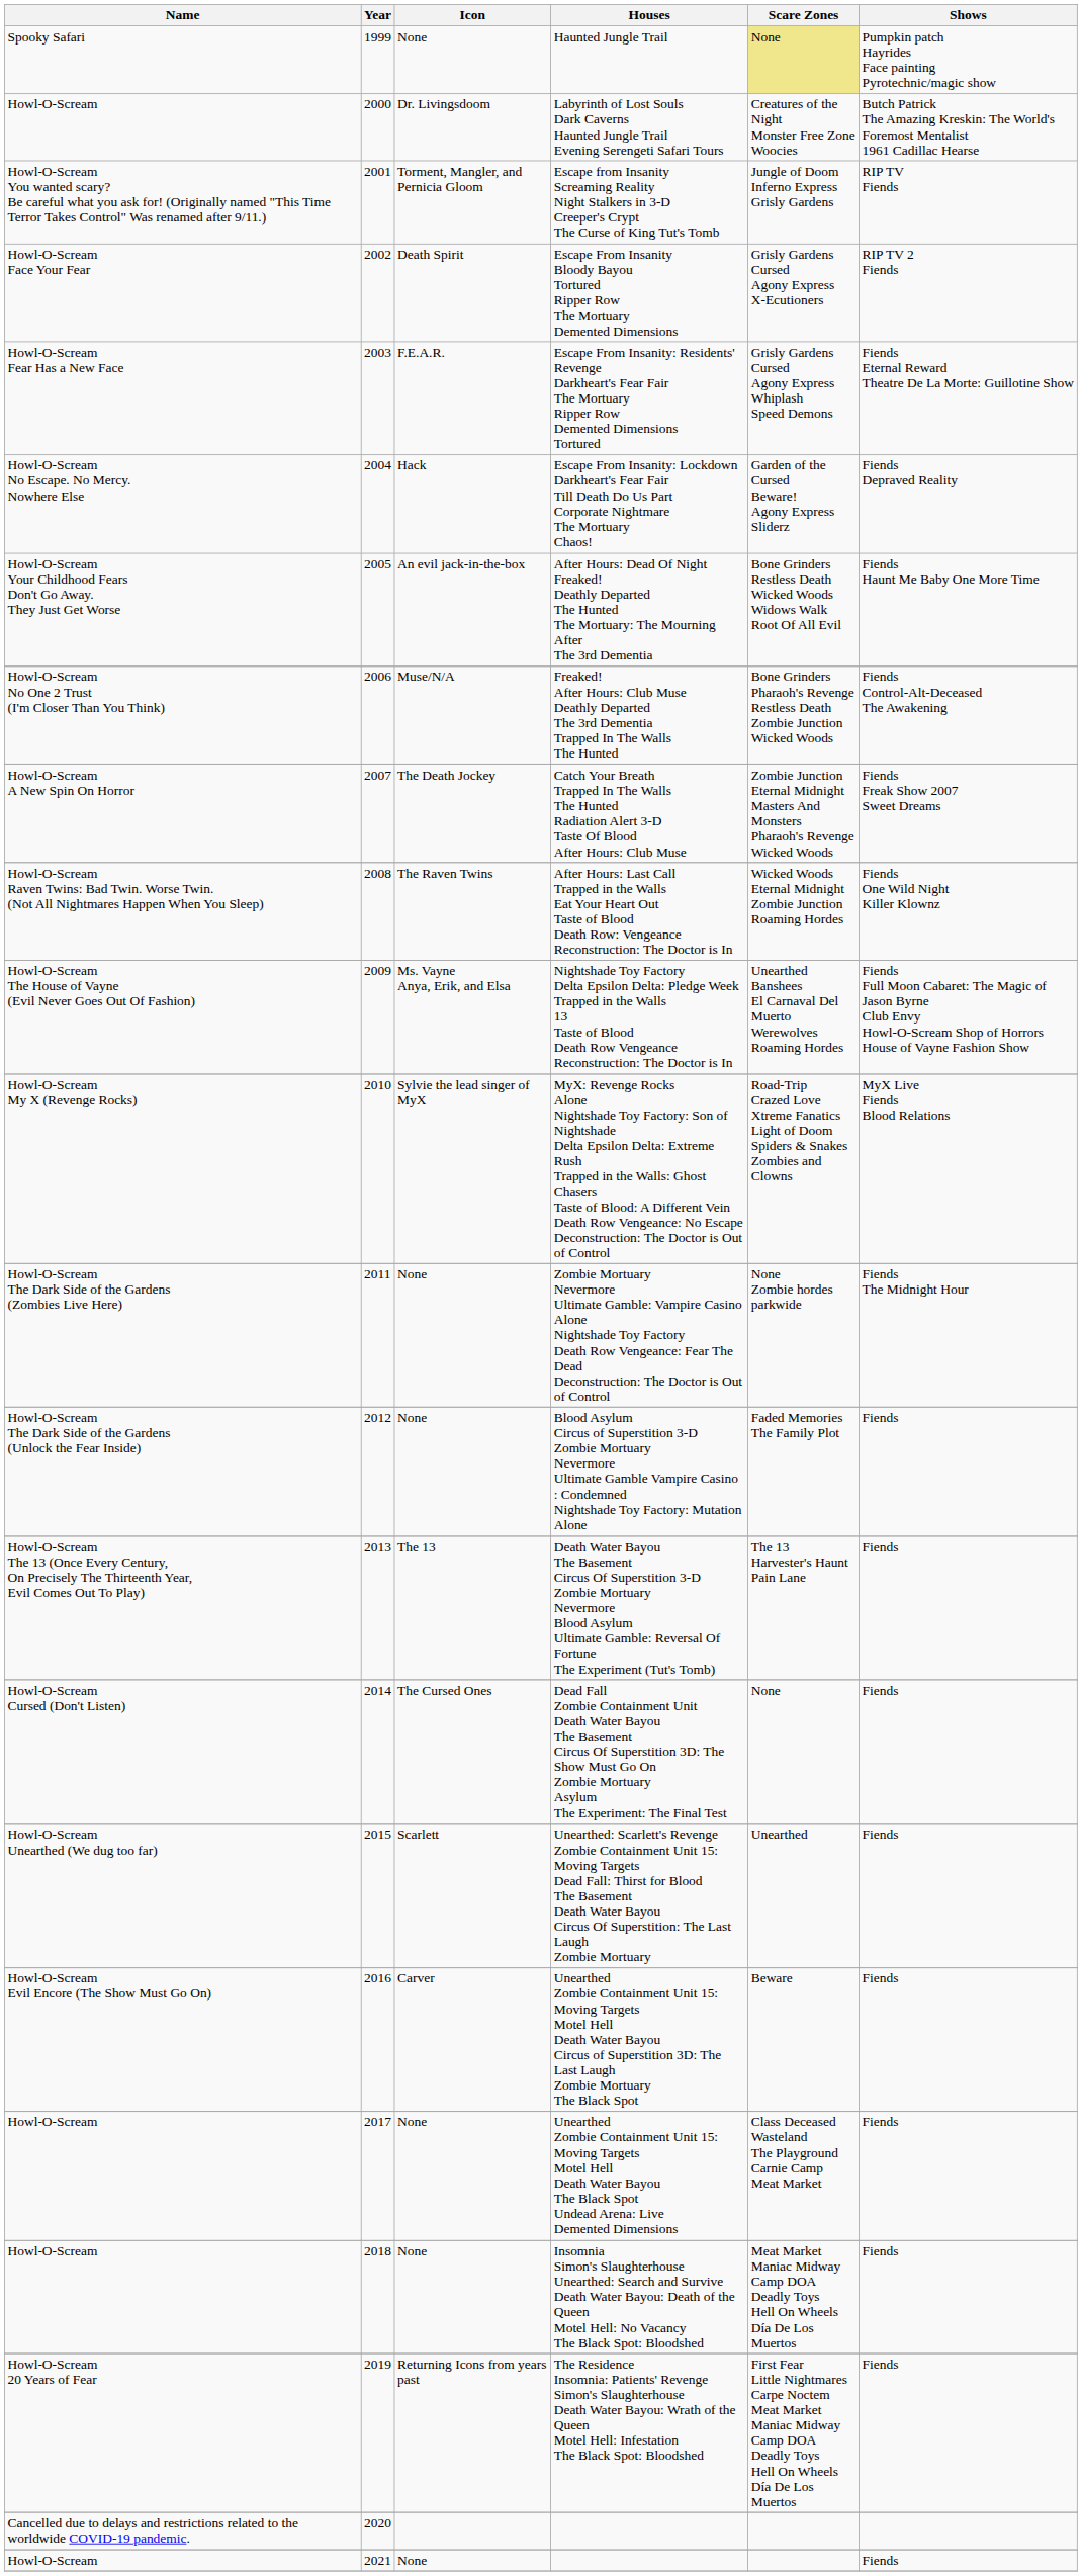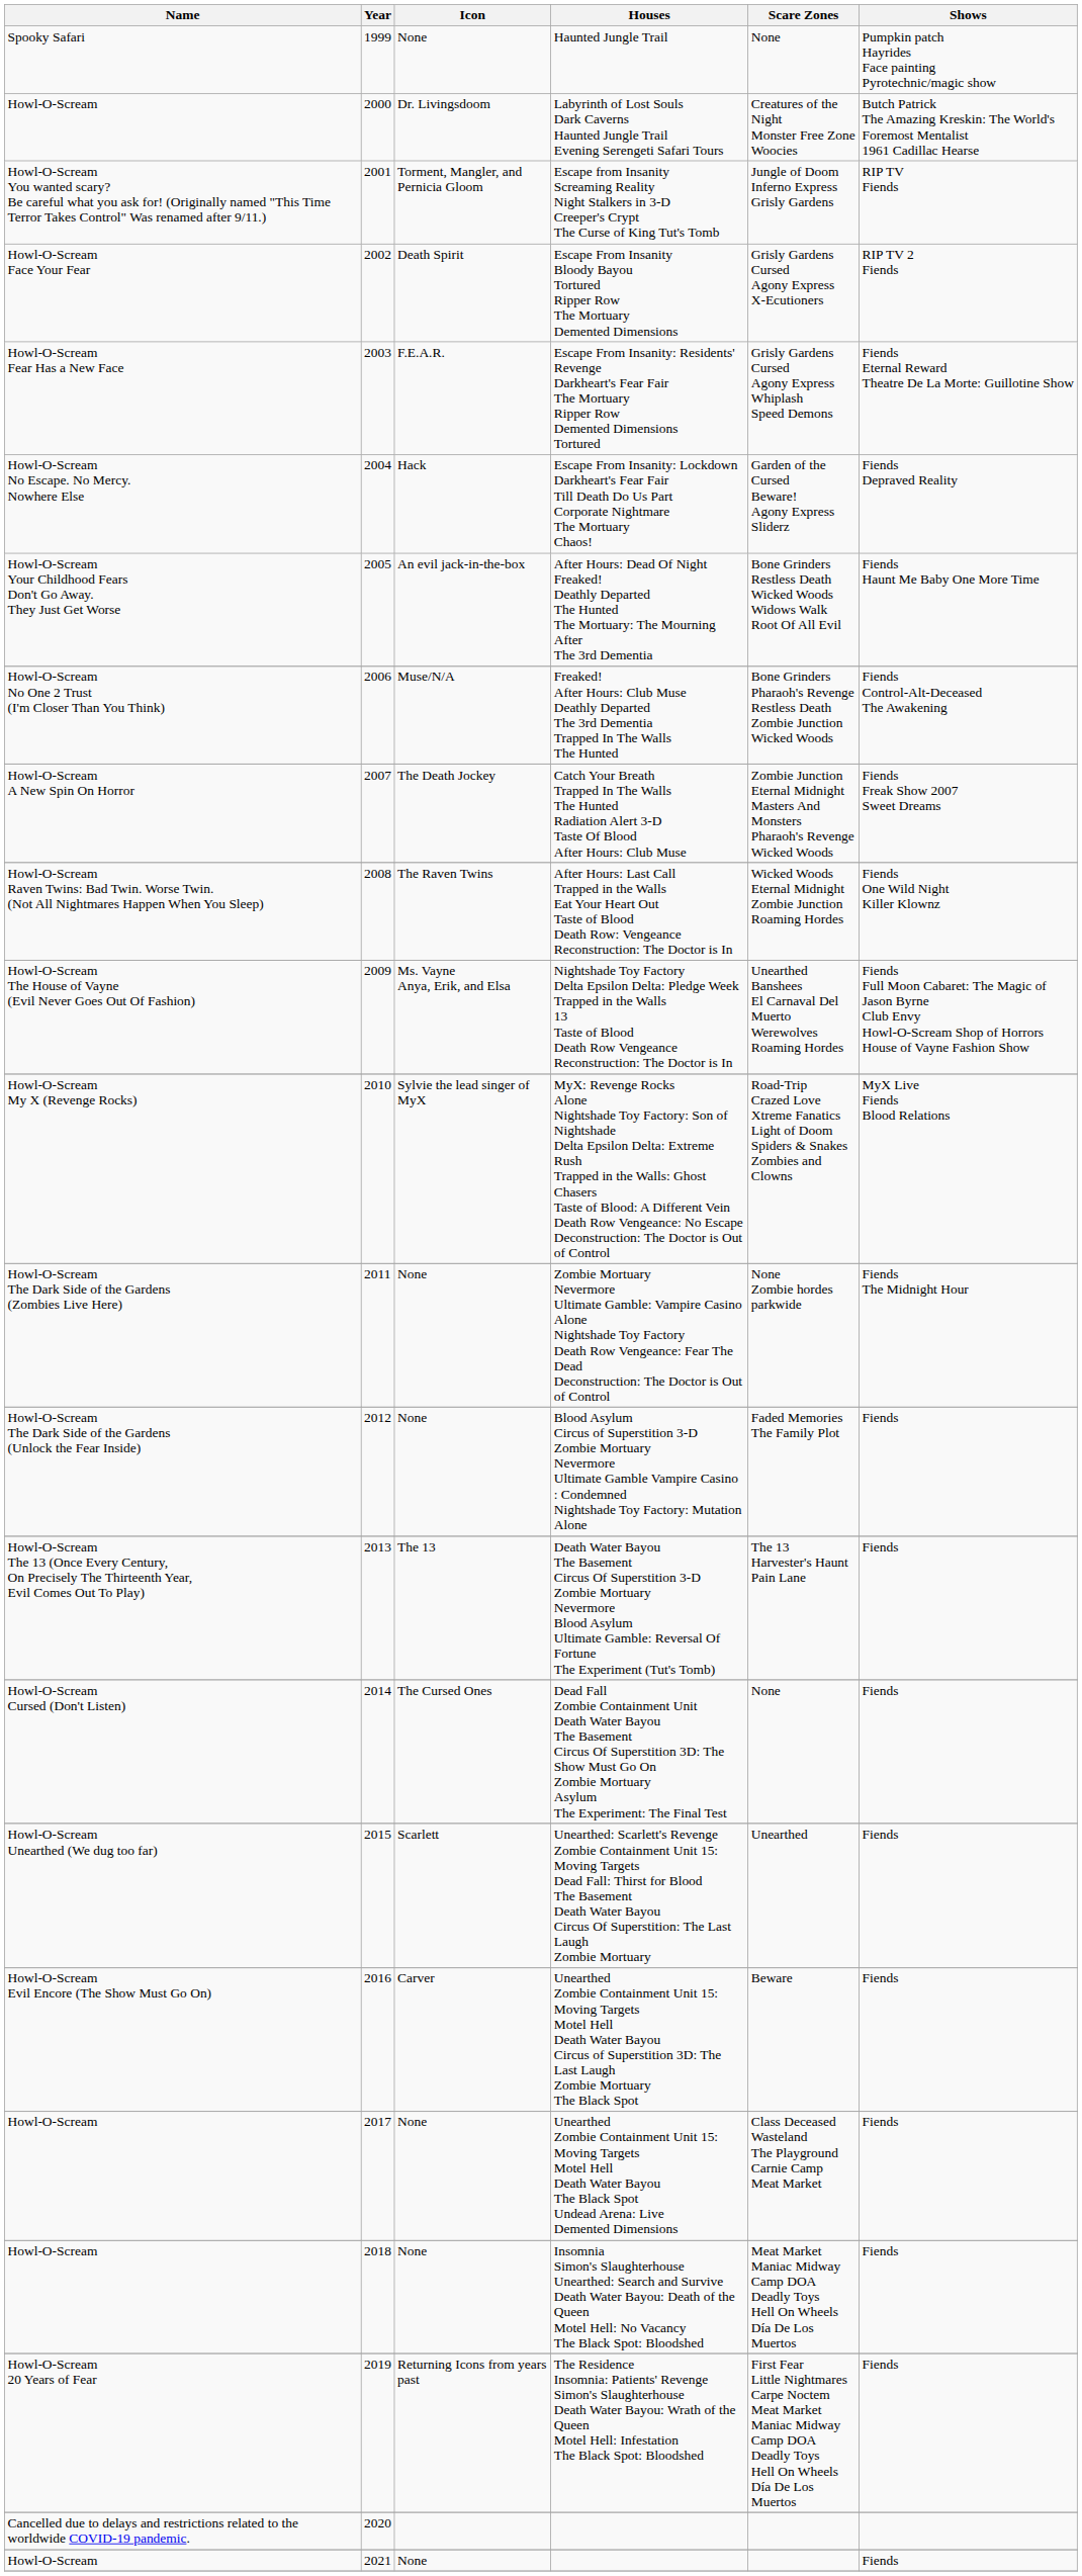 <table class="wikitable collapsible collapsed" style="width:100%">
 <tr>
 <th>Name</th>
 <th>Year</th>
 <th>Icon</th>
 <th>Houses</th>
 <th>Scare Zones</th>
 <th>Shows</th>
 </tr>
 <tr valign="top">
 <td>Spooky Safari</td>
 <td>1999</td>
 <td>None</td>
 <td>Haunted Jungle Trail</td>
-<td style="background: khaki;">None</td>
+<td>None</td>
 <td>Pumpkin patch<br>Hayrides<br>Face painting<br>Pyrotechnic/magic show</td>
 </tr>
 <tr valign="top">
 <td>Howl-O-Scream</td>
 <td>2000</td>
 <td>Dr. Livingsdoom</td>
 <td>Labyrinth of Lost Souls<br> Dark Caverns<br> Haunted Jungle Trail<br> Evening Serengeti Safari Tours</td>
 <td>Creatures of the Night<br> Monster Free Zone<br> Woocies</td>
 <td>Butch Patrick<br> The Amazing Kreskin: The World's Foremost Mentalist<br> 1961 Cadillac Hearse</td>
 </tr>
 <tr valign="top">
 <td>Howl-O-Scream<br> You wanted scary?<br> Be careful what you ask for! (Originally named "This Time Terror Takes Control" Was renamed after 9/11.)</td>
 <td>2001</td>
 <td>Torment, Mangler, and Pernicia Gloom</td>
 <td>Escape from Insanity<br> Screaming Reality<br> Night Stalkers in 3-D<br> Creeper's Crypt<br> The Curse of King Tut's Tomb</td>
 <td>Jungle of Doom<br> Inferno Express<br> Grisly Gardens</td>
 <td>RIP TV<br> Fiends</td>
 </tr>
 <tr valign="top">
 <td>Howl-O-Scream<br> Face Your Fear</td>
 <td>2002</td>
 <td>Death Spirit</td>
 <td>Escape From Insanity<br> Bloody Bayou<br>Tortured<br> Ripper Row<br> The Mortuary<br> Demented Dimensions</td>
 <td>Grisly Gardens<br> Cursed<br> Agony Express<br> X-Ecutioners</td>
 <td>RIP TV 2<br> Fiends</td>
 </tr>
 <tr valign="top">
 <td>Howl-O-Scream<br> Fear Has a New Face</td>
 <td>2003</td>
 <td>F.E.A.R.</td>
 <td>Escape From Insanity: Residents' Revenge<br> Darkheart's Fear Fair<br> The Mortuary<br> Ripper Row<br> Demented Dimensions<br> Tortured</td>
 <td>Grisly Gardens<br> Cursed<br> Agony Express<br> Whiplash<br> Speed Demons</td>
 <td>Fiends<br> Eternal Reward<br> Theatre De La Morte: Guillotine Show</td>
 </tr>
 <tr valign="top">
 <td>Howl-O-Scream<br>No Escape. No Mercy.<br> Nowhere Else</td>
 <td>2004</td>
 <td>Hack</td>
 <td>Escape From Insanity: Lockdown<br> Darkheart's Fear Fair<br> Till Death Do Us Part<br> Corporate Nightmare<br> The Mortuary<br> Chaos!</td>
 <td>Garden of the Cursed<br> Beware!<br> Agony Express<br> Sliderz</td>
 <td>Fiends<br> Depraved Reality</td>
 </tr>
 <tr valign="top">
 <td>Howl-O-Scream<br> Your Childhood Fears<br> Don't Go Away.<br> They Just Get Worse</td>
 <td>2005</td>
 <td>An evil jack-in-the-box</td>
 <td>After Hours: Dead Of Night<br> Freaked!<br> Deathly Departed<br> The Hunted<br> The Mortuary: The Mourning After<br> The 3rd Dementia</td>
 <td>Bone Grinders<br> Restless Death<br> Wicked Woods<br> Widows Walk<br> Root Of All Evil</td>
 <td>Fiends<br> Haunt Me Baby One More Time</td>
 </tr>
 <tr>
 </tr>
 <tr valign="top">
 <td>Howl-O-Scream<br>No One 2 Trust<br> (I'm Closer Than You Think)</td>
 <td>2006</td>
 <td>Muse/N/A</td>
 <td>Freaked!<br> After Hours: Club Muse<br> Deathly Departed<br> The 3rd Dementia<br> Trapped In The Walls<br> The Hunted</td>
 <td>Bone Grinders<br> Pharaoh's Revenge<br> Restless Death<br> Zombie Junction<br> Wicked Woods</td>
 <td>Fiends<br> Control-Alt-Deceased<br>The Awakening</td>
 </tr>
 <tr>
 </tr>
 <tr valign="top">
 <td>Howl-O-Scream<br>A New Spin On Horror</td>
 <td>2007</td>
 <td>The Death Jockey</td>
 <td>Catch Your Breath<br> Trapped In The Walls<br> The Hunted<br> Radiation Alert 3-D<br> Taste Of Blood<br> After Hours: Club Muse</td>
 <td>Zombie Junction<br> Eternal Midnight<br> Masters And Monsters<br> Pharaoh's Revenge<br> Wicked Woods</td>
 <td>Fiends<br> Freak Show 2007<br> Sweet Dreams</td>
 </tr>
 <tr>
 </tr>
 <tr valign="top">
 <td>Howl-O-Scream<br>Raven Twins: Bad Twin. Worse Twin.<br> (Not All Nightmares Happen When You Sleep)</td>
 <td>2008</td>
 <td>The Raven Twins</td>
 <td>After Hours: Last Call<br> Trapped in the Walls<br> Eat Your Heart Out<br> Taste of Blood<br> Death Row: Vengeance<br> Reconstruction: The Doctor is In</td>
 <td>Wicked Woods<br> Eternal Midnight<br> Zombie Junction<br> Roaming Hordes</td>
 <td>Fiends<br> One Wild Night<br>Killer Klownz</td>
 </tr>
 <tr>
 </tr>
 <tr valign="top">
 <td>Howl-O-Scream<br>The House of Vayne<br> (Evil Never Goes Out Of Fashion)</td>
 <td>2009</td>
 <td>Ms. Vayne<br>Anya, Erik, and Elsa</td>
 <td>Nightshade Toy Factory<br> Delta Epsilon Delta: Pledge Week<br> Trapped in the Walls<br> 13<br> Taste of Blood<br> Death Row Vengeance<br> Reconstruction: The Doctor is In</td>
 <td>Unearthed<br> Banshees<br> El Carnaval Del Muerto<br> Werewolves<br> Roaming Hordes</td>
 <td>Fiends<br> Full Moon Cabaret: The Magic of Jason Byrne<br> Club Envy<br> Howl-O-Scream Shop of Horrors<br> House of Vayne Fashion Show</td>
 </tr>
 <tr>
 </tr>
 <tr valign="top">
 <td>Howl-O-Scream<br>My X (Revenge Rocks)</td>
 <td>2010</td>
 <td>Sylvie the lead singer of MyX</td>
 <td>MyX: Revenge Rocks<br> Alone<br> Nightshade Toy Factory: Son of Nightshade<br> Delta Epsilon Delta: Extreme Rush<br> Trapped in the Walls: Ghost Chasers<br> Taste of Blood: A Different Vein<br> Death Row Vengeance: No Escape<br> Deconstruction: The Doctor is Out of Control</td>
 <td>Road-Trip<br> Crazed Love<br> Xtreme Fanatics<br> Light of Doom<br> Spiders & Snakes<br> Zombies and Clowns</td>
 <td>MyX Live<br> Fiends<br> Blood Relations</td>
 </tr>
 <tr>
 </tr>
 <tr valign="top">
 <td>Howl-O-Scream<br> The Dark Side of the Gardens<br> (Zombies Live Here)</td>
 <td>2011</td>
 <td>None</td>
 <td>Zombie Mortuary<br> Nevermore<br> Ultimate Gamble: Vampire Casino<br> Alone<br> Nightshade Toy Factory<br> Death Row Vengeance: Fear The Dead<br> Deconstruction: The Doctor is Out of Control</td>
 <td>None<br> Zombie hordes parkwide</td>
 <td>Fiends<br> The Midnight Hour</td>
 </tr>
 <tr>
 </tr>
 <tr valign="top">
 <td>Howl-O-Scream<br>The Dark Side of the Gardens<br> (Unlock the Fear Inside)</td>
 <td>2012</td>
 <td>None</td>
 <td>Blood Asylum<br> Circus of Superstition 3-D<br> Zombie Mortuary<br> Nevermore<br> Ultimate Gamble Vampire Casino : Condemned<br> Nightshade Toy Factory: Mutation <br> Alone</td>
 <td>Faded Memories<br> The Family Plot</td>
 <td>Fiends</td>
 </tr>
 <tr>
 </tr>
 <tr valign="top">
 <td>Howl-O-Scream<br>The 13 (Once Every Century,<br> On Precisely The Thirteenth Year,<br> Evil Comes Out To Play)</td>
 <td>2013</td>
 <td>The 13</td>
 <td>Death Water Bayou<br> The Basement<br> Circus Of Superstition 3-D<br> Zombie Mortuary<br> Nevermore<br> Blood Asylum<br> Ultimate Gamble: Reversal Of Fortune <br> The Experiment (Tut's Tomb)</td>
 <td>The 13<br> Harvester's Haunt<br> Pain Lane</td>
 <td>Fiends</td>
 </tr>
 <tr>
 </tr>
 <tr valign="top">
 <td>Howl-O-Scream<br>Cursed (Don't Listen)</td>
 <td>2014</td>
 <td>The Cursed Ones</td>
 <td>Dead Fall<br> Zombie Containment Unit<br> Death Water Bayou<br> The Basement<br> Circus Of Superstition 3D: The Show Must Go On<br> Zombie Mortuary<br> Asylum <br> The Experiment: The Final Test</td>
 <td>None</td>
 <td>Fiends<br></td>
 </tr>
 <tr>
 </tr>
 <tr valign="top">
 <td>Howl-O-Scream<br>Unearthed (We dug too far)</td>
 <td>2015</td>
 <td>Scarlett</td>
 <td>Unearthed: Scarlett's Revenge<br> Zombie Containment Unit 15: Moving Targets<br> Dead Fall: Thirst for Blood<br> The Basement<br> Death Water Bayou<br> Circus Of Superstition: The Last Laugh<br> Zombie Mortuary</td>
 <td>Unearthed</td>
 <td>Fiends<br></td>
 </tr>
 <tr>
 </tr>
 <tr valign="top">
 <td>Howl-O-Scream<br>Evil Encore (The Show Must Go On)</td>
 <td>2016</td>
 <td>Carver</td>
 <td>Unearthed <br> Zombie Containment Unit 15: Moving Targets <br> Motel Hell <br> Death Water Bayou <br> Circus of Superstition 3D: The Last Laugh <br> Zombie Mortuary <br> The Black Spot</td>
 <td>Beware</td>
 <td>Fiends<br></td>
 </tr>
 <tr>
 </tr>
 <tr valign="top">
 <td>Howl-O-Scream</td>
 <td>2017</td>
 <td>None</td>
 <td>Unearthed <br> Zombie Containment Unit 15: Moving Targets <br> Motel Hell <br> Death Water Bayou <br> The Black Spot <br> Undead Arena: Live <br> Demented Dimensions</td>
 <td>Class Deceased <br> Wasteland <br> The Playground <br> Carnie Camp <br> Meat Market</td>
 <td>Fiends<br></td>
 </tr>
 <tr>
 </tr>
 <tr valign="top">
 <td>Howl-O-Scream</td>
 <td>2018</td>
 <td>None</td>
 <td>Insomnia <br> Simon's Slaughterhouse <br> Unearthed: Search and Survive <br> Death Water Bayou: Death of the Queen <br> Motel Hell: No Vacancy <br> The Black Spot: Bloodshed</td>
 <td>Meat Market <br> Maniac Midway <br> Camp DOA <br> Deadly Toys <br> Hell On Wheels <br> Día De Los Muertos</td>
 <td>Fiends<br></td>
 </tr>
 <tr>
 </tr>
 <tr valign="top">
 <td>Howl-O-Scream<br>20 Years of Fear</td>
 <td>2019</td>
 <td>Returning Icons from years past</td>
 <td>The Residence <br> Insomnia: Patients' Revenge <br> Simon's Slaughterhouse <br> Death Water Bayou: Wrath of the Queen <br> Motel Hell: Infestation <br> The Black Spot: Bloodshed</td>
 <td>First Fear <br> Little Nightmares <br> Carpe Noctem <br> Meat Market <br> Maniac Midway <br> Camp DOA <br> Deadly Toys <br> Hell On Wheels <br> Día De Los Muertos</td>
 <td>Fiends<br></td>
 </tr>
 <tr>
 </tr>
 <tr valign="top">
 <td>Cancelled due to delays and restrictions related to the worldwide <a href='#'>COVID-19 pandemic</a>.</td>
 <td>2020</td>
 <td></td>
 <td></td>
 <td></td>
 <td></td>
 </tr>
 <tr>
 </tr>
 <tr valign="top">
 <td>Howl-O-Scream</td>
 <td>2021</td>
 <td>None</td>
 <td></td>
 <td></td>
 <td>Fiends<br></td>
 </tr>
 <tr>
 </tr>
 </table>
